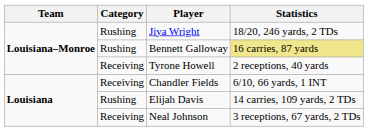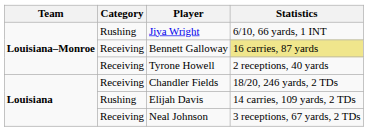 <table class="wikitable" style="float: left;">
 <tr>
 <th>Team</th>
 <th>Category</th>
 <th>Player</th>
 <th>Statistics</th>
 </tr>
 <tr>
 <td rowspan=3><strong>Louisiana–Monroe</strong></td>
 <td>Rushing</td>
 <td><a href='#'>Jiya Wright</a></td>
-<td>18/20, 246 yards, 2 TDs</td>
+<td>6/10, 66 yards, 1 INT</td>
 </tr>
 <tr>
-<td>Rushing</td>
+<td>Receiving</td>
 <td>Bennett Galloway</td>
 <td style="background: khaki;">16 carries, 87 yards</td>
 </tr>
 <tr>
 <td>Receiving</td>
 <td>Tyrone Howell</td>
 <td>2 receptions, 40 yards</td>
 </tr>
 <tr>
 <td rowspan=3><strong>Louisiana</strong></td>
 <td>Receiving</td>
 <td>Chandler Fields</td>
-<td>6/10, 66 yards, 1 INT</td>
+<td>18/20, 246 yards, 2 TDs</td>
 </tr>
 <tr>
 <td>Rushing</td>
 <td>Elijah Davis</td>
 <td>14 carries, 109 yards, 2 TDs</td>
 </tr>
 <tr>
 <td>Receiving</td>
 <td>Neal Johnson</td>
 <td>3 receptions, 67 yards, 2 TDs</td>
 </tr>
 </table>
